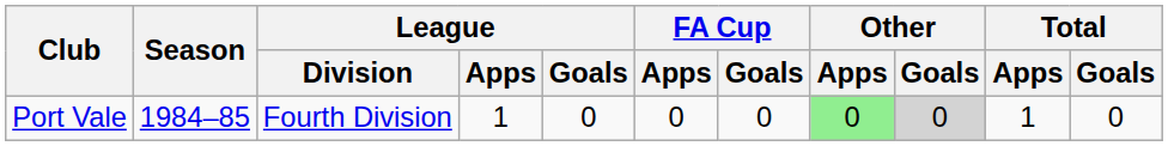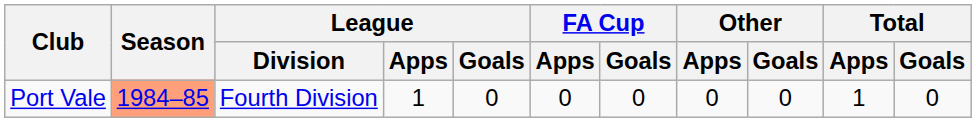 <table class="wikitable" style="text-align:center">
 <tr>
 <th rowspan="2">Club</th>
 <th rowspan="2">Season</th>
 <th colspan="3">League</th>
 <th colspan="2"><a href='#'>FA Cup</a></th>
 <th colspan="2">Other</th>
 <th colspan="2">Total</th>
 </tr>
 <tr>
 <th>Division</th>
 <th>Apps</th>
 <th>Goals</th>
 <th>Apps</th>
 <th>Goals</th>
 <th>Apps</th>
 <th>Goals</th>
 <th>Apps</th>
 <th>Goals</th>
 </tr>
 <tr>
 <td><a href='#'>Port Vale</a></td>
-<td><a href='#'>1984–85</a></td>
+<td style="background: lightsalmon;"><a href='#'>1984–85</a></td>
 <td><a href='#'>Fourth Division</a></td>
 <td>1</td>
 <td>0</td>
 <td>0</td>
 <td>0</td>
-<td style="background: lightgreen;">0</td>
-<td style="background: lightgrey;">0</td>
+<td>0</td>
+<td>0</td>
 <td>1</td>
 <td>0</td>
 </tr>
 </table>
